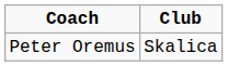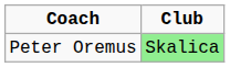 <table class="wikitable" style="text-align: center;">
 <tr>
 <td><strong>Coach</strong></td>
 <td><strong>Club</strong></td>
 </tr>
 <tr>
 <td> Peter Oremus</td>
-<td>Skalica</td>
+<td style="background: lightgreen;">Skalica</td>
 </tr>
 </table>
